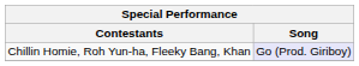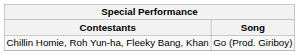 <table class="wikitable" style="text-align:center" border="2">
 <tr>
 <th colspan="7">Special Performance</th>
 </tr>
 <tr>
 <th>Contestants</th>
 <th>Song</th>
 </tr>
 <tr>
 <td>Chillin Homie, Roh Yun-ha, Fleeky Bang, Khan</td>
-<td style="background: lavender;">Go (Prod. Giriboy)</td>
+<td>Go (Prod. Giriboy)</td>
 </tr>
 <tr>
 </tr>
 </table>
